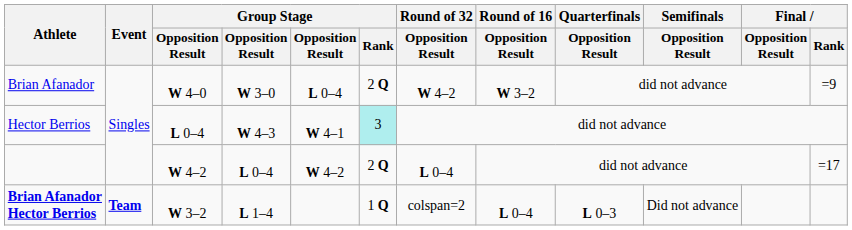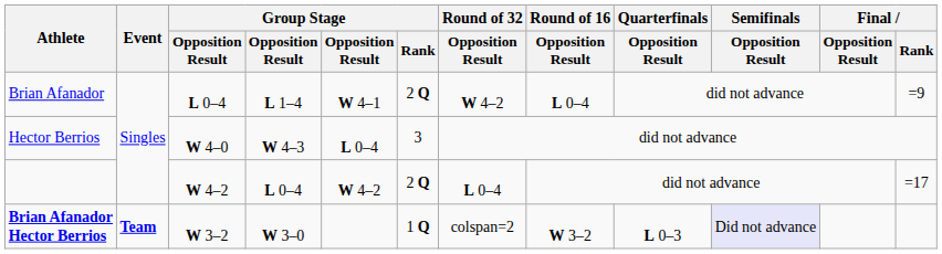 <table class="wikitable" style="font-size:89%">
 <tr>
 <th rowspan=2>Athlete</th>
 <th rowspan=2>Event</th>
 <th colspan=4>Group Stage</th>
 <th>Round of 32</th>
 <th>Round of 16</th>
 <th>Quarterfinals</th>
 <th>Semifinals</th>
 <th colspan=2>Final / </th>
 </tr>
 <tr style="font-size:95%">
 <th>Opposition<br>Result</th>
 <th>Opposition<br>Result</th>
 <th>Opposition<br>Result</th>
 <th>Rank</th>
 <th>Opposition<br>Result</th>
 <th>Opposition<br>Result</th>
 <th>Opposition<br>Result</th>
 <th>Opposition<br>Result</th>
 <th>Opposition<br>Result</th>
 <th>Rank</th>
 </tr>
 <tr align=center>
 <td align=left><a href='#'>Brian Afanador</a></td>
 <td align=left rowspan=3><a href='#'>Singles</a></td>
-<td><br><strong>W</strong> 4–0</td>
-<td><br><strong>W</strong> 3–0</td>
 <td><br><strong>L</strong> 0–4</td>
+<td><br><strong>L</strong> 1–4</td>
+<td><br><strong>W</strong> 4–1</td>
 <td>2 <strong>Q</strong></td>
 <td><br><strong>W</strong> 4–2</td>
-<td><br><strong>W</strong> 3–2</td>
+<td><br><strong>L</strong> 0–4</td>
 <td colspan=3>did not advance</td>
 <td>=9</td>
 </tr>
 <tr align=center>
 <td align=left><a href='#'>Hector Berrios</a></td>
+<td><br><strong>W</strong> 4–0</td>
+<td><br><strong>W</strong> 4–3</td>
 <td><br><strong>L</strong> 0–4</td>
-<td><br><strong>W</strong> 4–3</td>
-<td><br><strong>W</strong> 4–1</td>
-<td style="background: paleturquoise;">3</td>
+<td>3</td>
 <td colspan=6>did not advance</td>
 </tr>
 <tr align=center>
 <td align=left></td>
 <td><br><strong>W</strong> 4–2</td>
 <td><br><strong>L</strong> 0–4</td>
 <td><br><strong>W</strong> 4–2</td>
 <td>2 <strong>Q</strong></td>
 <td><br><strong>L</strong> 0–4</td>
 <td colspan=4>did not advance</td>
 <td>=17</td>
 </tr>
 <tr align=center>
 <td align=left><strong><a href='#'>Brian Afanador</a><br><a href='#'>Hector Berrios</a><br></strong></td>
 <td align=left><strong><a href='#'>Team</a></strong></td>
 <td><br><strong>W</strong> 3–2</td>
-<td><br><strong>L</strong> 1–4</td>
+<td><br><strong>W</strong> 3–0</td>
 <td></td>
 <td>1 <strong>Q</strong></td>
 <td>colspan=2 </td>
-<td><br><strong>L</strong> 0–4</td>
+<td><br><strong>W</strong> 3–2</td>
 <td><br><strong>L</strong> 0–3</td>
-<td>Did not advance</td>
+<td style="background: lavender;">Did not advance</td>
 <td></td>
 </tr>
 </table>
